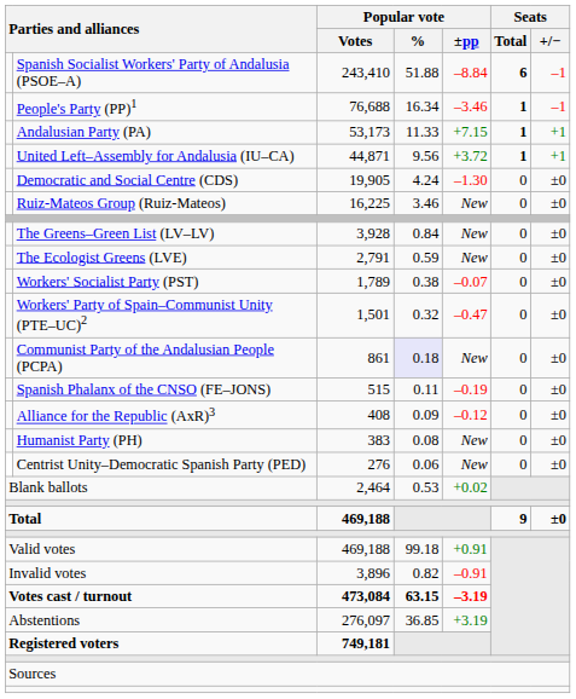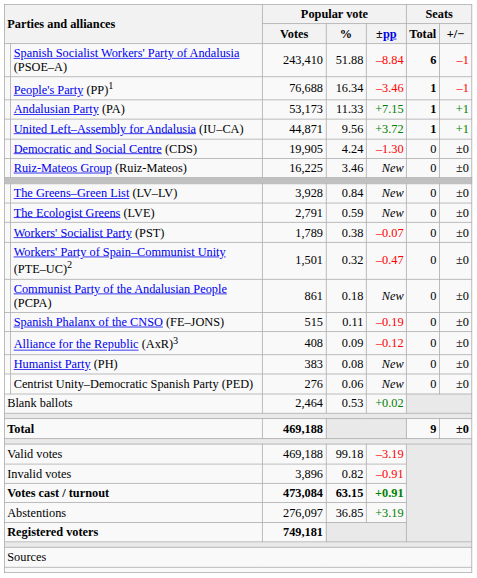 <table class="wikitable" style="text-align:right;">
 <tr>
 <th style="text-align:left;" rowspan="2" colspan="2" width="525">Parties and alliances</th>
 <th colspan="3">Popular vote</th>
 <th colspan="2">Seats</th>
 </tr>
 <tr>
 <th width="75">Votes</th>
 <th width="45">%</th>
 <th width="45">±<a href='#'>pp</a></th>
 <th width="35">Total</th>
 <th width="35">+/−</th>
 </tr>
 <tr>
 <td width="1" style="color:inherit;background:"></td>
 <td align="left"><a href='#'>Spanish Socialist Workers' Party of Andalusia</a> (PSOE–A)</td>
 <td>243,410</td>
 <td>51.88</td>
 <td style="color:red;">–8.84</td>
 <td><strong>6</strong></td>
 <td style="color:red;">–1</td>
 </tr>
 <tr>
 <td style="color:inherit;background:"></td>
 <td align="left"><a href='#'>People's Party</a> (PP)<sup>1</sup></td>
 <td>76,688</td>
 <td>16.34</td>
 <td style="color:red;">–3.46</td>
 <td><strong>1</strong></td>
 <td style="color:red;">–1</td>
 </tr>
 <tr>
 <td style="color:inherit;background:"></td>
 <td align="left"><a href='#'>Andalusian Party</a> (PA)</td>
 <td>53,173</td>
 <td>11.33</td>
 <td style="color:green;">+7.15</td>
 <td><strong>1</strong></td>
 <td style="color:green;">+1</td>
 </tr>
 <tr>
 <td style="color:inherit;background:"></td>
 <td align="left"><a href='#'>United Left–Assembly for Andalusia</a> (IU–CA)</td>
 <td>44,871</td>
 <td>9.56</td>
 <td style="color:green;">+3.72</td>
 <td><strong>1</strong></td>
 <td style="color:green;">+1</td>
 </tr>
 <tr>
 <td style="color:inherit;background:"></td>
 <td align="left"><a href='#'>Democratic and Social Centre</a> (CDS)</td>
 <td>19,905</td>
 <td>4.24</td>
 <td style="color:red;">–1.30</td>
 <td>0</td>
 <td>±0</td>
 </tr>
 <tr>
 <td style="color:inherit;background:"></td>
 <td align="left"><a href='#'>Ruiz-Mateos Group</a> (Ruiz-Mateos)</td>
 <td>16,225</td>
 <td>3.46</td>
 <td><em>New</em></td>
 <td>0</td>
 <td>±0</td>
 </tr>
 <tr>
 <td colspan="7" bgcolor="#C0C0C0"></td>
 </tr>
 <tr>
 <td style="color:inherit;background:"></td>
 <td align="left"><a href='#'>The Greens–Green List</a> (LV–LV)</td>
 <td>3,928</td>
 <td>0.84</td>
 <td><em>New</em></td>
 <td>0</td>
 <td>±0</td>
 </tr>
 <tr>
 <td style="color:inherit;background:"></td>
 <td align="left"><a href='#'>The Ecologist Greens</a> (LVE)</td>
 <td>2,791</td>
 <td>0.59</td>
 <td><em>New</em></td>
 <td>0</td>
 <td>±0</td>
 </tr>
 <tr>
 <td style="color:inherit;background:"></td>
 <td align="left"><a href='#'>Workers' Socialist Party</a> (PST)</td>
 <td>1,789</td>
 <td>0.38</td>
 <td style="color:red;">–0.07</td>
 <td>0</td>
 <td>±0</td>
 </tr>
 <tr>
 <td style="color:inherit;background:"></td>
 <td align="left"><a href='#'>Workers' Party of Spain–Communist Unity</a> (PTE–UC)<sup>2</sup></td>
 <td>1,501</td>
 <td>0.32</td>
 <td style="color:red;">–0.47</td>
 <td>0</td>
 <td>±0</td>
 </tr>
 <tr>
 <td style="color:inherit;background:"></td>
 <td align="left"><a href='#'>Communist Party of the Andalusian People</a> (PCPA)</td>
 <td>861</td>
-<td style="background: lavender;">0.18</td>
+<td>0.18</td>
 <td><em>New</em></td>
 <td>0</td>
 <td>±0</td>
 </tr>
 <tr>
 <td style="color:inherit;background:"></td>
 <td align="left"><a href='#'>Spanish Phalanx of the CNSO</a> (FE–JONS)</td>
 <td>515</td>
 <td>0.11</td>
 <td style="color:red;">–0.19</td>
 <td>0</td>
 <td>±0</td>
 </tr>
 <tr>
 <td style="color:inherit;background:"></td>
 <td align="left"><a href='#'>Alliance for the Republic</a> (AxR)<sup>3</sup></td>
 <td>408</td>
 <td>0.09</td>
 <td style="color:red;">–0.12</td>
 <td>0</td>
 <td>±0</td>
 </tr>
 <tr>
 <td style="color:inherit;background:"></td>
 <td align="left"><a href='#'>Humanist Party</a> (PH)</td>
 <td>383</td>
 <td>0.08</td>
 <td><em>New</em></td>
 <td>0</td>
 <td>±0</td>
 </tr>
 <tr>
 <td bgcolor="white"></td>
 <td align="left">Centrist Unity–Democratic Spanish Party (PED)</td>
 <td>276</td>
 <td>0.06</td>
 <td><em>New</em></td>
 <td>0</td>
 <td>±0</td>
 </tr>
 <tr>
 <td align="left" colspan="2">Blank ballots</td>
 <td>2,464</td>
 <td>0.53</td>
 <td style="color:green;">+0.02</td>
 <td bgcolor="#E9E9E9" colspan="2"></td>
 </tr>
 <tr>
 <td colspan="7" bgcolor="#E9E9E9"></td>
 </tr>
 <tr style="font-weight:bold;">
 <td align="left" colspan="2">Total</td>
 <td>469,188</td>
 <td bgcolor="#E9E9E9" colspan="2"></td>
 <td>9</td>
 <td>±0</td>
 </tr>
 <tr>
 <td colspan="7" bgcolor="#E9E9E9"></td>
 </tr>
 <tr>
 <td align="left" colspan="2">Valid votes</td>
 <td>469,188</td>
 <td>99.18</td>
-<td style="color:green;">+0.91</td>
+<td style="color:red;">–3.19</td>
 <td bgcolor="#E9E9E9" colspan="2" rowspan="5"></td>
 </tr>
 <tr>
 <td align="left" colspan="2">Invalid votes</td>
 <td>3,896</td>
 <td>0.82</td>
 <td style="color:red;">–0.91</td>
 </tr>
 <tr style="font-weight:bold;">
 <td align="left" colspan="2">Votes cast / turnout</td>
 <td>473,084</td>
 <td>63.15</td>
-<td style="color:red;">–3.19</td>
+<td style="color:green;">+0.91</td>
 </tr>
 <tr>
 <td align="left" colspan="2">Abstentions</td>
 <td>276,097</td>
 <td>36.85</td>
 <td style="color:green;">+3.19</td>
 </tr>
 <tr style="font-weight:bold;">
 <td align="left" colspan="2">Registered voters</td>
 <td>749,181</td>
 <td bgcolor="#E9E9E9" colspan="2"></td>
 </tr>
 <tr>
 <td colspan="7" bgcolor="#E9E9E9"></td>
 </tr>
 <tr>
 <td align="left" colspan="7">Sources</td>
 </tr>
 <tr>
 <td colspan="7" style="text-align:left; max-width:790px;"></td>
 </tr>
 </table>
